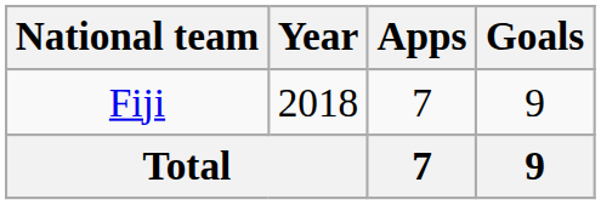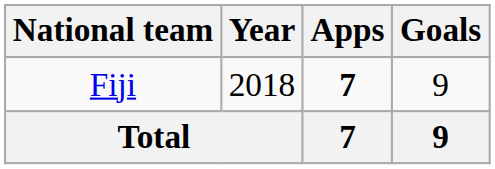 <table class="wikitable" style="text-align:center">
 <tr>
 <th>National team</th>
 <th>Year</th>
 <th>Apps</th>
 <th>Goals</th>
 </tr>
 <tr>
 <td><a href='#'>Fiji</a></td>
 <td>2018</td>
-<td>7</td>
+<td><strong>7</strong></td>
 <td>9</td>
 </tr>
 <tr>
 <th colspan="2">Total</th>
 <th>7</th>
 <th>9</th>
 </tr>
 </table>
